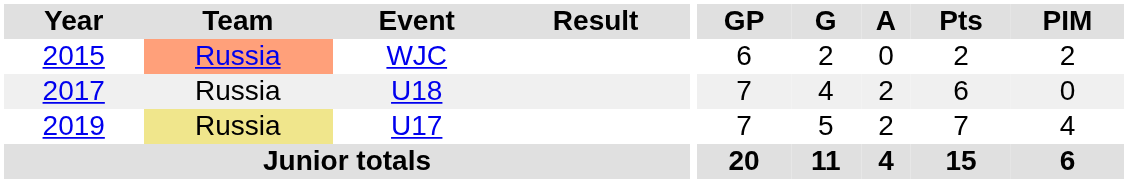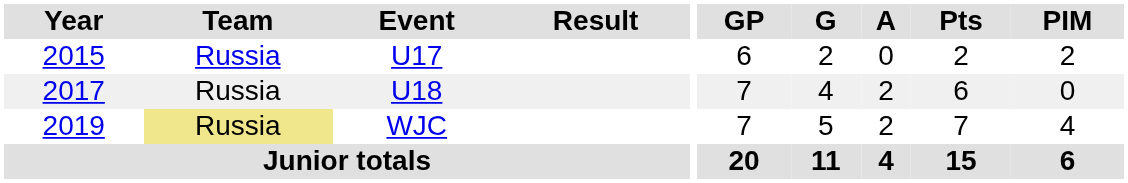 <table border="0" cellpadding="1" cellspacing="0" ID="Table3" style="text-align:center; width:40em">
 <tr ALIGN="center" bgcolor="#e0e0e0">
 <th>Year</th>
 <th>Team</th>
 <th>Event</th>
 <th>Result</th>
 <th rowspan="99" bgcolor="#ffffff"></th>
 <th>GP</th>
 <th>G</th>
 <th>A</th>
 <th>Pts</th>
 <th>PIM</th>
 </tr>
 <tr>
 <td><a href='#'>2015</a></td>
-<td style="background: lightsalmon;"><a href='#'>Russia</a></td>
-<td><a href='#'>WJC</a></td>
+<td><a href='#'>Russia</a></td>
+<td><a href='#'>U17</a></td>
 <td></td>
 <td>6</td>
 <td>2</td>
 <td>0</td>
 <td>2</td>
 <td>2</td>
 </tr>
 <tr bgcolor="#f0f0f0">
 <td><a href='#'>2017</a></td>
 <td>Russia</td>
 <td><a href='#'>U18</a></td>
 <td></td>
 <td>7</td>
 <td>4</td>
 <td>2</td>
 <td>6</td>
 <td>0</td>
 </tr>
 <tr>
 <td><a href='#'>2019</a></td>
 <td style="background: khaki;">Russia</td>
-<td><a href='#'>U17</a></td>
+<td><a href='#'>WJC</a></td>
 <td></td>
 <td>7</td>
 <td>5</td>
 <td>2</td>
 <td>7</td>
 <td>4</td>
 </tr>
 <tr bgcolor="#e0e0e0">
 <th colspan="4">Junior totals</th>
 <th>20</th>
 <th>11</th>
 <th>4</th>
 <th>15</th>
 <th>6</th>
 </tr>
 </table>
